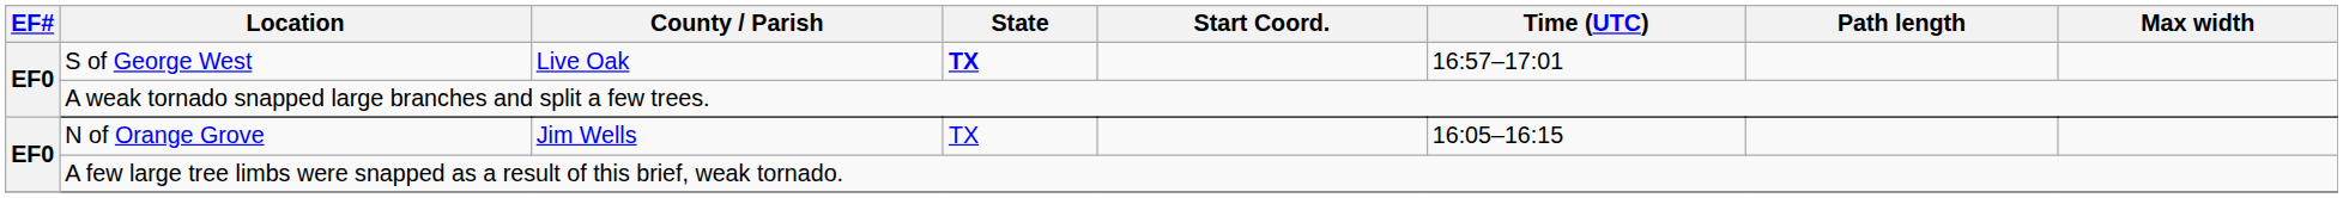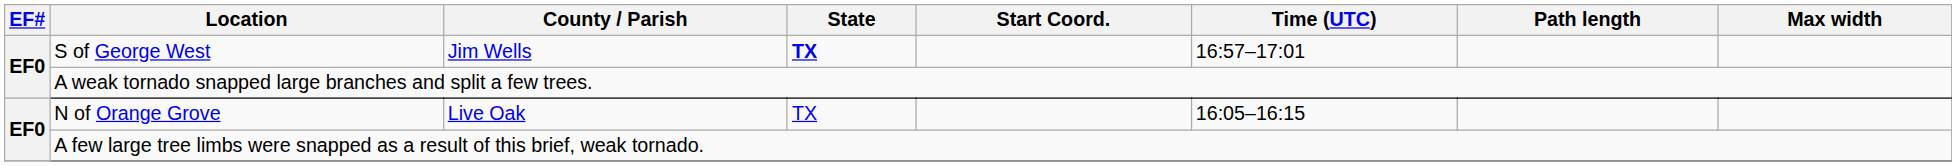 <table class="wikitable sortable" style="width:100%;">
 <tr>
 <th scope="col" width="2%" align="center"><a href='#'>EF#</a></th>
 <th scope="col" align="center" class="unsortable">Location</th>
 <th scope="col" align="center" class="unsortable">County / Parish</th>
 <th scope="col" align="center">State</th>
 <th scope="col" align="center">Start Coord.</th>
 <th scope="col" align="center">Time (<a href='#'>UTC</a>)</th>
 <th scope="col" align="center">Path length</th>
 <th scope="col" align="center">Max width</th>
 </tr>
 <tr>
 <th scope="row" rowspan="2" style="background-color:#">EF0</th>
 <td>S of <a href='#'>George West</a></td>
-<td><a href='#'>Live Oak</a></td>
+<td><a href='#'>Jim Wells</a></td>
 <td><strong><a href='#'>TX</a></strong></td>
 <td></td>
 <td>16:57–17:01</td>
 <td></td>
 <td></td>
 </tr>
 <tr class="expand-child">
 <td colspan="8" style=" border-bottom: 1px solid black;">A weak tornado snapped large branches and split a few trees.</td>
 </tr>
 <tr>
 <th scope="row" rowspan="2" style="background-color:#">EF0</th>
 <td>N of <a href='#'>Orange Grove</a></td>
-<td><a href='#'>Jim Wells</a></td>
+<td><a href='#'>Live Oak</a></td>
 <td><a href='#'>TX</a></td>
 <td></td>
 <td>16:05–16:15</td>
 <td></td>
 <td></td>
 </tr>
 <tr class="expand-child">
 <td colspan="8" style=" border-bottom: 1px solid black;">A few large tree limbs were snapped as a result of this brief, weak tornado.</td>
 </tr>
 <tr>
 </tr>
 </table>
